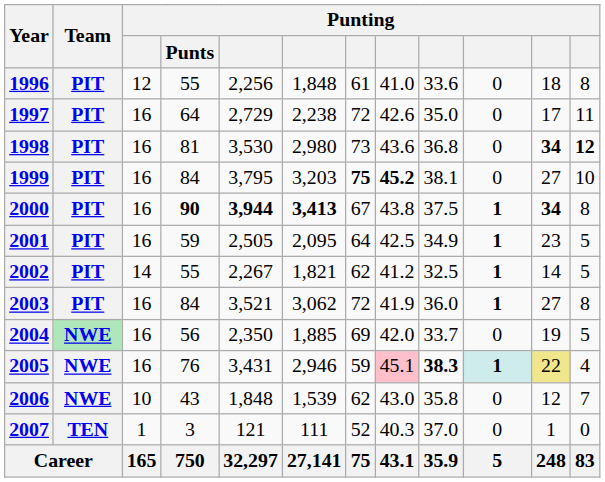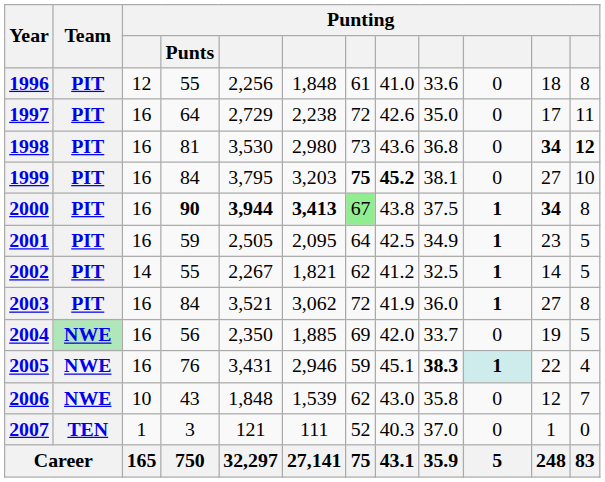 <table class=wikitable style="text-align:center;">
 <tr>
 <th rowspan="2">Year</th>
 <th rowspan="2">Team</th>
 <th colspan="10">Punting</th>
 </tr>
 <tr>
 <th></th>
 <th>Punts</th>
 <th></th>
 <th></th>
 <th></th>
 <th></th>
 <th></th>
 <th></th>
 <th></th>
 <th></th>
 </tr>
 <tr>
 <th><a href='#'>1996</a></th>
 <th><a href='#'>PIT</a></th>
 <td>12</td>
 <td>55</td>
 <td>2,256</td>
 <td>1,848</td>
 <td>61</td>
 <td>41.0</td>
 <td>33.6</td>
 <td>0</td>
 <td>18</td>
 <td>8</td>
 </tr>
 <tr>
 <th><a href='#'>1997</a></th>
 <th><a href='#'>PIT</a></th>
 <td>16</td>
 <td>64</td>
 <td>2,729</td>
 <td>2,238</td>
 <td>72</td>
 <td>42.6</td>
 <td>35.0</td>
 <td>0</td>
 <td>17</td>
 <td>11</td>
 </tr>
 <tr>
 <th><a href='#'>1998</a></th>
 <th><a href='#'>PIT</a></th>
 <td>16</td>
 <td>81</td>
 <td>3,530</td>
 <td>2,980</td>
 <td>73</td>
 <td>43.6</td>
 <td>36.8</td>
 <td>0</td>
 <td><strong>34</strong></td>
 <td><strong>12</strong></td>
 </tr>
 <tr>
 <th><a href='#'>1999</a></th>
 <th><a href='#'>PIT</a></th>
 <td>16</td>
 <td>84</td>
 <td>3,795</td>
 <td>3,203</td>
 <td><strong>75</strong></td>
 <td><strong>45.2</strong></td>
 <td>38.1</td>
 <td>0</td>
 <td>27</td>
 <td>10</td>
 </tr>
 <tr>
 <th><a href='#'>2000</a></th>
 <th><a href='#'>PIT</a></th>
 <td>16</td>
 <td><strong>90</strong></td>
 <td><strong>3,944</strong></td>
 <td><strong>3,413</strong></td>
-<td>67</td>
+<td style="background: lightgreen;">67</td>
 <td>43.8</td>
 <td>37.5</td>
 <td><strong>1</strong></td>
 <td><strong>34</strong></td>
 <td>8</td>
 </tr>
 <tr>
 <th><a href='#'>2001</a></th>
 <th><a href='#'>PIT</a></th>
 <td>16</td>
 <td>59</td>
 <td>2,505</td>
 <td>2,095</td>
 <td>64</td>
 <td>42.5</td>
 <td>34.9</td>
 <td><strong>1</strong></td>
 <td>23</td>
 <td>5</td>
 </tr>
 <tr>
 <th><a href='#'>2002</a></th>
 <th><a href='#'>PIT</a></th>
 <td>14</td>
 <td>55</td>
 <td>2,267</td>
 <td>1,821</td>
 <td>62</td>
 <td>41.2</td>
 <td>32.5</td>
 <td><strong>1</strong></td>
 <td>14</td>
 <td>5</td>
 </tr>
 <tr>
 <th><a href='#'>2003</a></th>
 <th><a href='#'>PIT</a></th>
 <td>16</td>
 <td>84</td>
 <td>3,521</td>
 <td>3,062</td>
 <td>72</td>
 <td>41.9</td>
 <td>36.0</td>
 <td><strong>1</strong></td>
 <td>27</td>
 <td>8</td>
 </tr>
 <tr>
 <th><a href='#'>2004</a></th>
 <th style="background:#afe6ba; width:3em;"><a href='#'>NWE</a></th>
 <td>16</td>
 <td>56</td>
 <td>2,350</td>
 <td>1,885</td>
 <td>69</td>
 <td>42.0</td>
 <td>33.7</td>
 <td>0</td>
 <td>19</td>
 <td>5</td>
 </tr>
 <tr>
 <th><a href='#'>2005</a></th>
 <th><a href='#'>NWE</a></th>
 <td>16</td>
 <td>76</td>
 <td>3,431</td>
 <td>2,946</td>
 <td>59</td>
-<td style="background: pink;">45.1</td>
+<td>45.1</td>
 <td><strong>38.3</strong></td>
 <td style="background:#cfecec; width:3em;"><strong>1</strong></td>
-<td style="background: khaki;">22</td>
+<td>22</td>
 <td>4</td>
 </tr>
 <tr>
 <th><a href='#'>2006</a></th>
 <th><a href='#'>NWE</a></th>
 <td>10</td>
 <td>43</td>
 <td>1,848</td>
 <td>1,539</td>
 <td>62</td>
 <td>43.0</td>
 <td>35.8</td>
 <td>0</td>
 <td>12</td>
 <td>7</td>
 </tr>
 <tr>
 <th><a href='#'>2007</a></th>
 <th><a href='#'>TEN</a></th>
 <td>1</td>
 <td>3</td>
 <td>121</td>
 <td>111</td>
 <td>52</td>
 <td>40.3</td>
 <td>37.0</td>
 <td>0</td>
 <td>1</td>
 <td>0</td>
 </tr>
 <tr>
 <th colspan="2">Career</th>
 <th>165</th>
 <th>750</th>
 <th>32,297</th>
 <th>27,141</th>
 <th>75</th>
 <th>43.1</th>
 <th>35.9</th>
 <th>5</th>
 <th>248</th>
 <th>83</th>
 </tr>
 </table>
